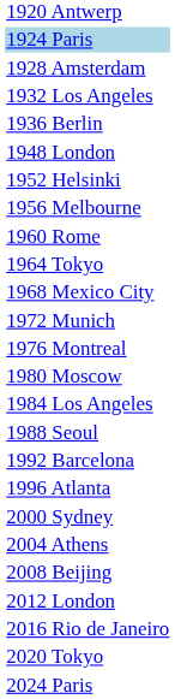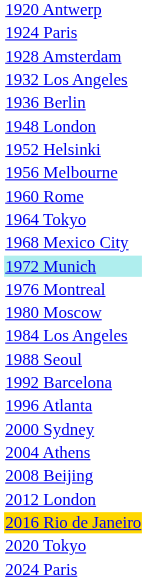 <table>
 <tr>
 <td><a href='#'>1920 Antwerp</a><br></td>
 <td></td>
 <td></td>
 <td></td>
 </tr>
 <tr>
-<td style="background: lightblue;"><a href='#'>1924 Paris</a><br></td>
+<td><a href='#'>1924 Paris</a><br></td>
 <td></td>
 <td></td>
 <td></td>
 </tr>
 <tr>
 <td><a href='#'>1928 Amsterdam</a><br></td>
 <td></td>
 <td></td>
 <td></td>
 </tr>
 <tr>
 <td><a href='#'>1932 Los Angeles</a><br></td>
 <td></td>
 <td></td>
 <td></td>
 </tr>
 <tr>
 <td><a href='#'>1936 Berlin</a><br></td>
 <td></td>
 <td></td>
 <td></td>
 </tr>
 <tr>
 <td><a href='#'>1948 London</a><br></td>
 <td></td>
 <td></td>
 <td></td>
 </tr>
 <tr>
 <td><a href='#'>1952 Helsinki</a><br></td>
 <td></td>
 <td></td>
 <td></td>
 </tr>
 <tr>
 <td><a href='#'>1956 Melbourne</a><br></td>
 <td></td>
 <td></td>
 <td></td>
 </tr>
 <tr>
 <td><a href='#'>1960 Rome</a><br></td>
 <td></td>
 <td></td>
 <td></td>
 </tr>
 <tr>
 <td><a href='#'>1964 Tokyo</a><br></td>
 <td></td>
 <td></td>
 <td></td>
 </tr>
 <tr>
 <td><a href='#'>1968 Mexico City</a><br></td>
 <td></td>
 <td></td>
 <td></td>
 </tr>
 <tr>
-<td><a href='#'>1972 Munich</a><br></td>
+<td style="background: paleturquoise;"><a href='#'>1972 Munich</a><br></td>
 <td></td>
 <td></td>
 <td></td>
 </tr>
 <tr>
 <td><a href='#'>1976 Montreal</a><br></td>
 <td></td>
 <td></td>
 <td></td>
 </tr>
 <tr>
 <td><a href='#'>1980 Moscow</a><br></td>
 <td></td>
 <td></td>
 <td></td>
 </tr>
 <tr>
 <td><a href='#'>1984 Los Angeles</a><br></td>
 <td></td>
 <td></td>
 <td></td>
 </tr>
 <tr>
 <td><a href='#'>1988 Seoul</a><br></td>
 <td></td>
 <td></td>
 <td></td>
 </tr>
 <tr>
 <td><a href='#'>1992 Barcelona</a><br></td>
 <td></td>
 <td></td>
 <td></td>
 </tr>
 <tr>
 <td><a href='#'>1996 Atlanta</a><br></td>
 <td></td>
 <td></td>
 <td></td>
 </tr>
 <tr>
 <td><a href='#'>2000 Sydney</a><br></td>
 <td></td>
 <td></td>
 <td></td>
 </tr>
 <tr>
 <td><a href='#'>2004 Athens</a><br></td>
 <td></td>
 <td></td>
 <td></td>
 </tr>
 <tr>
 <td><a href='#'>2008 Beijing</a><br></td>
 <td></td>
 <td></td>
 <td></td>
 </tr>
 <tr>
 <td><a href='#'>2012 London</a><br></td>
 <td></td>
 <td></td>
 <td></td>
 </tr>
 <tr>
-<td><a href='#'>2016 Rio de Janeiro</a><br></td>
+<td style="background: gold;"><a href='#'>2016 Rio de Janeiro</a><br></td>
 <td></td>
 <td></td>
 <td></td>
 </tr>
 <tr>
 <td><a href='#'>2020 Tokyo</a><br></td>
 <td></td>
 <td></td>
 <td></td>
 </tr>
 <tr>
 <td><a href='#'>2024 Paris</a><br></td>
 <td></td>
 <td></td>
 <td></td>
 </tr>
 <tr>
 </tr>
 </table>
